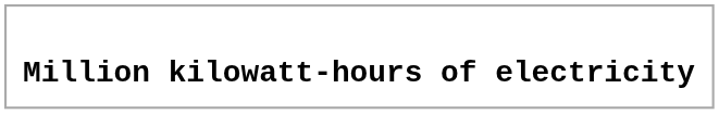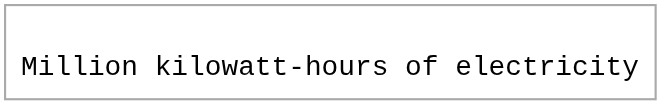 <table style="border:solid 1px #aaa;" cellpadding="7" cellspacing="0">
 <tr>
 <td></td>
 </tr>
 <tr>
-<td><strong>Million kilowatt-hours of electricity</strong></td>
+<td>Million kilowatt-hours of electricity</td>
 </tr>
 </table>
